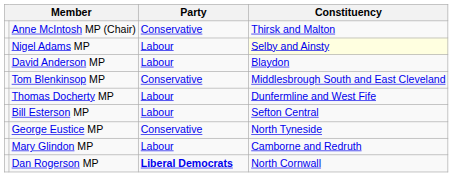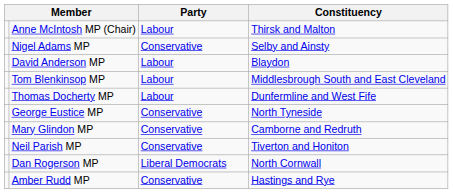 <table class="wikitable">
 <tr>
 <th colspan="2" width="160px" valign="top">Member</th>
 <th width="160px" valign="top">Party</th>
 <th valign="top">Constituency</th>
 </tr>
 <tr>
 <td style="color:inherit;background:"></td>
 <td><a href='#'>Anne McIntosh</a> MP (Chair)</td>
-<td><a href='#'>Conservative</a></td>
+<td><a href='#'>Labour</a></td>
 <td><a href='#'>Thirsk and Malton</a></td>
 </tr>
 <tr>
 <td style="color:inherit;background:"></td>
 <td><a href='#'>Nigel Adams</a> MP</td>
-<td><a href='#'>Labour</a></td>
-<td style="background: lightyellow;"><a href='#'>Selby and Ainsty</a></td>
+<td><a href='#'>Conservative</a></td>
+<td><a href='#'>Selby and Ainsty</a></td>
 </tr>
 <tr>
 <td style="color:inherit;background:"></td>
 <td><a href='#'>David Anderson</a> MP</td>
 <td><a href='#'>Labour</a></td>
 <td><a href='#'>Blaydon</a></td>
 </tr>
 <tr>
 <td style="color:inherit;background:"></td>
 <td><a href='#'>Tom Blenkinsop</a> MP</td>
-<td><a href='#'>Conservative</a></td>
+<td><a href='#'>Labour</a></td>
 <td><a href='#'>Middlesbrough South and East Cleveland</a></td>
 </tr>
 <tr>
 <td style="color:inherit;background:"></td>
 <td><a href='#'>Thomas Docherty</a> MP</td>
 <td><a href='#'>Labour</a></td>
 <td><a href='#'>Dunfermline and West Fife</a></td>
 </tr>
 <tr>
 <td style="color:inherit;background:"></td>
-<td><a href='#'>Bill Esterson</a> MP</td>
-<td><a href='#'>Labour</a></td>
-<td><a href='#'>Sefton Central</a></td>
-</tr>
-<tr>
-<td style="color:inherit;background:"></td>
 <td><a href='#'>George Eustice</a> MP</td>
 <td><a href='#'>Conservative</a></td>
 <td><a href='#'>North Tyneside</a></td>
 </tr>
 <tr>
 <td style="color:inherit;background:"></td>
 <td><a href='#'>Mary Glindon</a> MP</td>
-<td><a href='#'>Labour</a></td>
+<td><a href='#'>Conservative</a></td>
 <td><a href='#'>Camborne and Redruth</a></td>
 </tr>
 <tr>
 <td style="color:inherit;background:"></td>
+<td><a href='#'>Neil Parish</a> MP</td>
+<td><a href='#'>Conservative</a></td>
+<td><a href='#'>Tiverton and Honiton</a></td>
+</tr>
+<tr>
+<td style="color:inherit;background:"></td>
 <td><a href='#'>Dan Rogerson</a> MP</td>
-<td><strong><a href='#'>Liberal Democrats</a></strong></td>
+<td><a href='#'>Liberal Democrats</a></td>
 <td><a href='#'>North Cornwall</a></td>
 </tr>
+<tr>
+<td style="color:inherit;background:"></td>
+<td><a href='#'>Amber Rudd</a> MP</td>
+<td><a href='#'>Conservative</a></td>
+<td><a href='#'>Hastings and Rye</a></td>
+</tr>
 </table>
